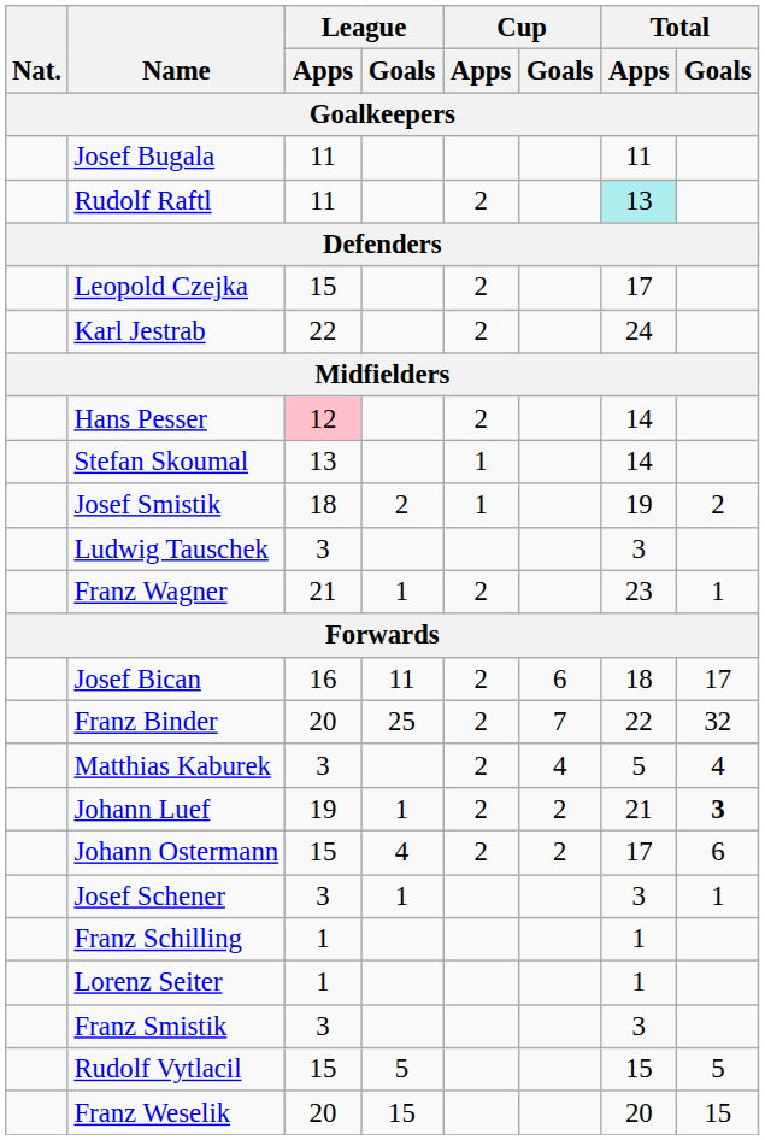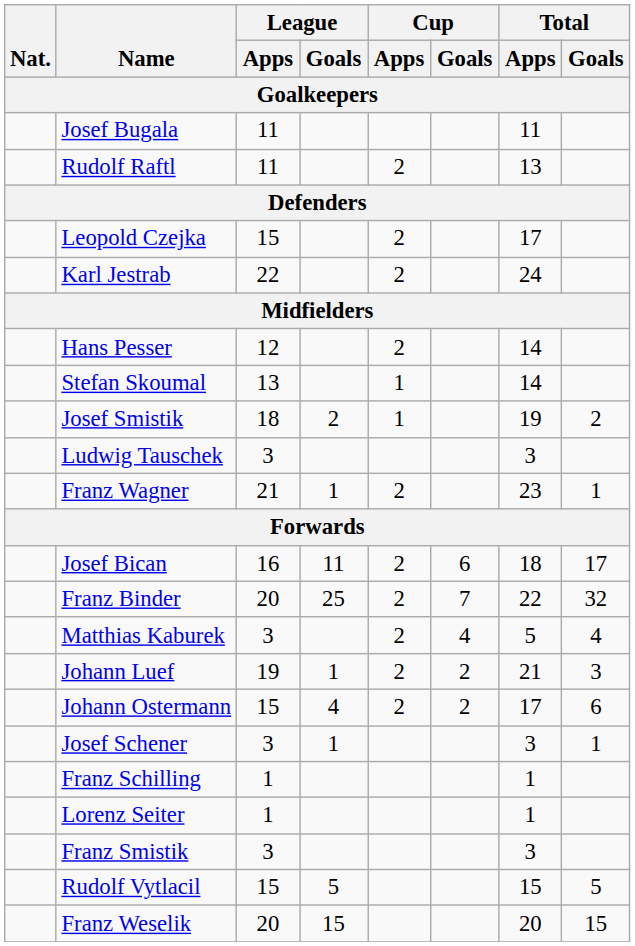 <table class="wikitable" style="text-align:center">
 <tr>
 <th rowspan="2" valign="bottom">Nat.</th>
 <th rowspan="2" valign="bottom">Name</th>
 <th colspan="2" width="85">League</th>
 <th colspan="2" width="85">Cup</th>
 <th colspan="2" width="85">Total</th>
 </tr>
 <tr>
 <th>Apps</th>
 <th>Goals</th>
 <th>Apps</th>
 <th>Goals</th>
 <th>Apps</th>
 <th>Goals</th>
 </tr>
 <tr>
 <th colspan=20>Goalkeepers</th>
 </tr>
 <tr>
 <td></td>
 <td align="left"><a href='#'>Josef Bugala</a></td>
 <td>11</td>
 <td></td>
 <td></td>
 <td></td>
 <td>11</td>
 <td></td>
 </tr>
 <tr>
 <td></td>
 <td align="left"><a href='#'>Rudolf Raftl</a></td>
 <td>11</td>
 <td></td>
 <td>2</td>
 <td></td>
-<td style="background: paleturquoise;">13</td>
+<td>13</td>
 <td></td>
 </tr>
 <tr>
 <th colspan=20>Defenders</th>
 </tr>
 <tr>
 <td></td>
 <td align="left"><a href='#'>Leopold Czejka</a></td>
 <td>15</td>
 <td></td>
 <td>2</td>
 <td></td>
 <td>17</td>
 <td></td>
 </tr>
 <tr>
 <td></td>
 <td align="left"><a href='#'>Karl Jestrab</a></td>
 <td>22</td>
 <td></td>
 <td>2</td>
 <td></td>
 <td>24</td>
 <td></td>
 </tr>
 <tr>
 <th colspan=20>Midfielders</th>
 </tr>
 <tr>
 <td></td>
 <td align="left"><a href='#'>Hans Pesser</a></td>
-<td style="background: pink;">12</td>
+<td>12</td>
 <td></td>
 <td>2</td>
 <td></td>
 <td>14</td>
 <td></td>
 </tr>
 <tr>
 <td></td>
 <td align="left"><a href='#'>Stefan Skoumal</a></td>
 <td>13</td>
 <td></td>
 <td>1</td>
 <td></td>
 <td>14</td>
 <td></td>
 </tr>
 <tr>
 <td></td>
 <td align="left"><a href='#'>Josef Smistik</a></td>
 <td>18</td>
 <td>2</td>
 <td>1</td>
 <td></td>
 <td>19</td>
 <td>2</td>
 </tr>
 <tr>
 <td></td>
 <td align="left"><a href='#'>Ludwig Tauschek</a></td>
 <td>3</td>
 <td></td>
 <td></td>
 <td></td>
 <td>3</td>
 <td></td>
 </tr>
 <tr>
 <td></td>
 <td align="left"><a href='#'>Franz Wagner</a></td>
 <td>21</td>
 <td>1</td>
 <td>2</td>
 <td></td>
 <td>23</td>
 <td>1</td>
 </tr>
 <tr>
 <th colspan=20>Forwards</th>
 </tr>
 <tr>
 <td></td>
 <td align="left"><a href='#'>Josef Bican</a></td>
 <td>16</td>
 <td>11</td>
 <td>2</td>
 <td>6</td>
 <td>18</td>
 <td>17</td>
 </tr>
 <tr>
 <td></td>
 <td align="left"><a href='#'>Franz Binder</a></td>
 <td>20</td>
 <td>25</td>
 <td>2</td>
 <td>7</td>
 <td>22</td>
 <td>32</td>
 </tr>
 <tr>
 <td></td>
 <td align="left"><a href='#'>Matthias Kaburek</a></td>
 <td>3</td>
 <td></td>
 <td>2</td>
 <td>4</td>
 <td>5</td>
 <td>4</td>
 </tr>
 <tr>
 <td></td>
 <td align="left"><a href='#'>Johann Luef</a></td>
 <td>19</td>
 <td>1</td>
 <td>2</td>
 <td>2</td>
 <td>21</td>
-<td><strong>3</strong></td>
+<td>3</td>
 </tr>
 <tr>
 <td></td>
 <td align="left"><a href='#'>Johann Ostermann</a></td>
 <td>15</td>
 <td>4</td>
 <td>2</td>
 <td>2</td>
 <td>17</td>
 <td>6</td>
 </tr>
 <tr>
 <td></td>
 <td align="left"><a href='#'>Josef Schener</a></td>
 <td>3</td>
 <td>1</td>
 <td></td>
 <td></td>
 <td>3</td>
 <td>1</td>
 </tr>
 <tr>
 <td></td>
 <td align="left"><a href='#'>Franz Schilling</a></td>
 <td>1</td>
 <td></td>
 <td></td>
 <td></td>
 <td>1</td>
 <td></td>
 </tr>
 <tr>
 <td></td>
 <td align="left"><a href='#'>Lorenz Seiter</a></td>
 <td>1</td>
 <td></td>
 <td></td>
 <td></td>
 <td>1</td>
 <td></td>
 </tr>
 <tr>
 <td></td>
 <td align="left"><a href='#'>Franz Smistik</a></td>
 <td>3</td>
 <td></td>
 <td></td>
 <td></td>
 <td>3</td>
 <td></td>
 </tr>
 <tr>
 <td></td>
 <td align="left"><a href='#'>Rudolf Vytlacil</a></td>
 <td>15</td>
 <td>5</td>
 <td></td>
 <td></td>
 <td>15</td>
 <td>5</td>
 </tr>
 <tr>
 <td></td>
 <td align="left"><a href='#'>Franz Weselik</a></td>
 <td>20</td>
 <td>15</td>
 <td></td>
 <td></td>
 <td>20</td>
 <td>15</td>
 </tr>
 </table>
